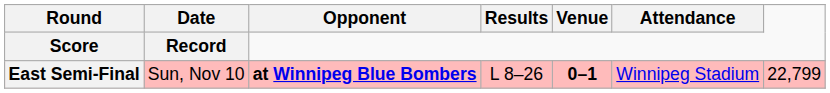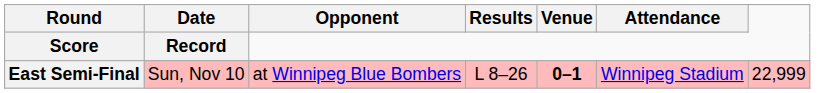 <table class="wikitable" style="text-align:center">
 <tr>
 <th>Round</th>
 <th>Date</th>
 <th>Opponent</th>
 <th>Results</th>
 <th>Venue</th>
 <th>Attendance</th>
 </tr>
 <tr>
 <th>Score</th>
 <th>Record</th>
 </tr>
 <tr style="background:#ffbbbb">
 <th>East Semi-Final</th>
 <td>Sun, Nov 10</td>
-<td><strong>at <a href='#'>Winnipeg Blue Bombers</a></strong></td>
+<td>at <a href='#'>Winnipeg Blue Bombers</a></td>
 <td>L 8–26</td>
 <td><strong>0–1</strong></td>
 <td><a href='#'>Winnipeg Stadium</a></td>
-<td>22,799</td>
+<td>22,999</td>
 </tr>
 </table>
